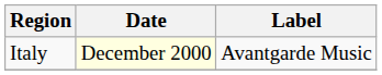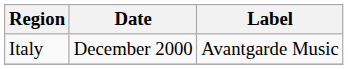 <table class="wikitable plainrowheaders">
 <tr>
 <th scope="col">Region</th>
 <th scope="col">Date</th>
 <th scope="col">Label</th>
 </tr>
 <tr>
 <td>Italy</td>
-<td style="background: lightyellow;">December 2000</td>
+<td>December 2000</td>
 <td>Avantgarde Music</td>
 </tr>
 <tr>
 </tr>
 </table>
